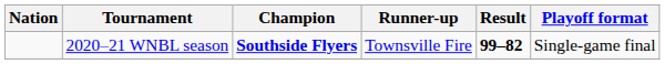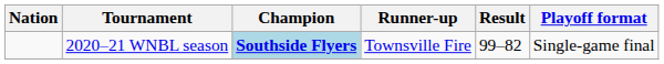 <table class="wikitable">
 <tr>
 <th>Nation</th>
 <th>Tournament</th>
 <th>Champion</th>
 <th>Runner-up</th>
 <th>Result</th>
 <th><a href='#'>Playoff format</a></th>
 </tr>
 <tr>
 <td></td>
 <td><a href='#'>2020–21 WNBL season</a></td>
-<td><strong><a href='#'>Southside Flyers</a></strong></td>
+<td style="background: lightblue;"><strong><a href='#'>Southside Flyers</a></strong></td>
 <td><a href='#'>Townsville Fire</a></td>
-<td><strong>99–82</strong></td>
+<td>99–82</td>
 <td>Single-game final</td>
 </tr>
 <tr>
 </tr>
 </table>
